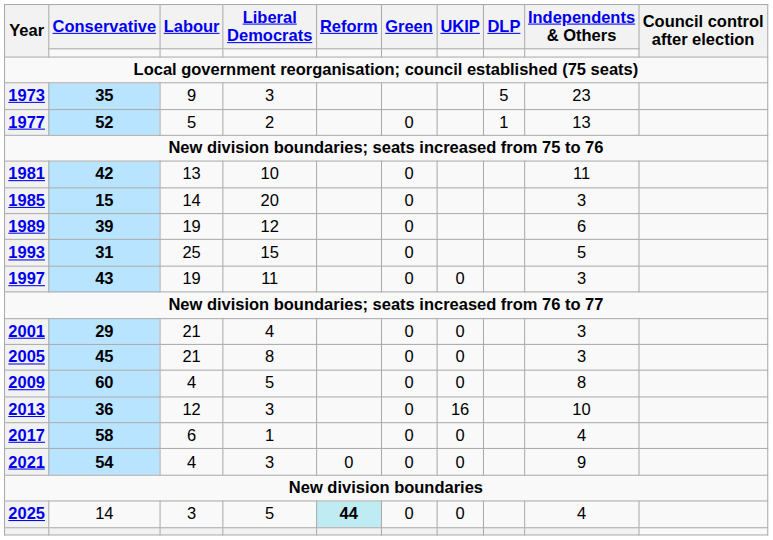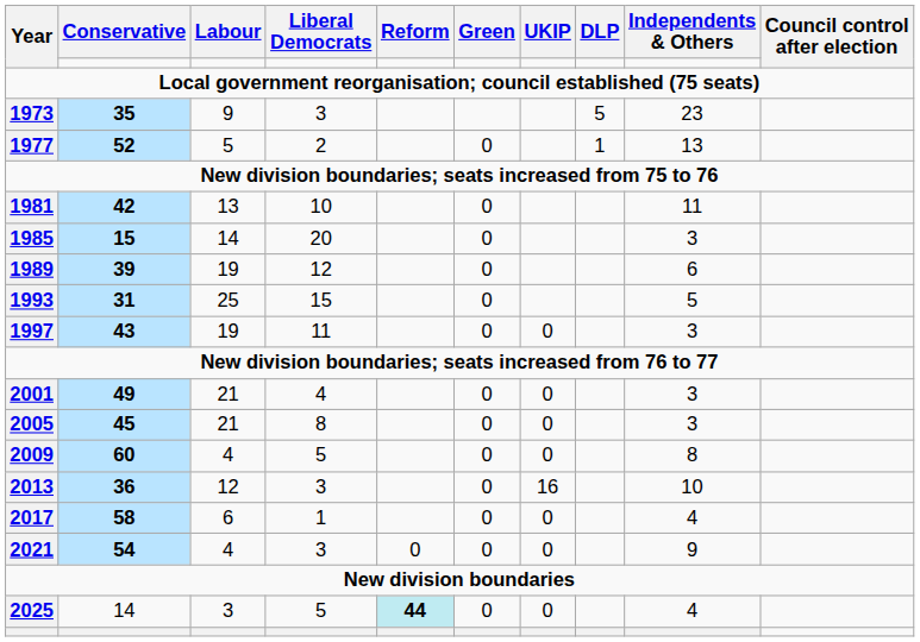 <table class="wikitable plainrowheaders" style="text-align:center">
 <tr>
 <th scope="col" rowspan="2">Year</th>
 <th scope="col"><a href='#'>Conservative</a></th>
 <th scope="col"><a href='#'>Labour</a></th>
 <th scope="col" style="width:1px"><a href='#'>Liberal Democrats</a></th>
 <th scope="col"><a href='#'>Reform</a></th>
 <th scope="col"><a href='#'>Green</a></th>
 <th scope="col"><a href='#'>UKIP</a></th>
 <th scope="col"><a href='#'>DLP</a></th>
 <th scope="col"><a href='#'>Independents</a><br>& Others</th>
 <th scope="col" rowspan="2" colspan="2">Council control<br>after election</th>
 </tr>
 <tr>
 <td style="background:"></td>
 <td style="background:"></td>
 <td style="background:"></td>
 <td style="background:"></td>
 <td style="background:"></td>
 <td style="background:"></td>
 <td style="background:"></td>
 <td style="background:"></td>
 </tr>
 <tr>
 <td colspan="11"><strong>Local government reorganisation; council established (75 seats)</strong></td>
 </tr>
 <tr>
 <th scope="row"><a href='#'>1973</a></th>
 <td style="background:#B9E4FF;"><strong>35</strong></td>
 <td>9</td>
 <td>3</td>
 <td></td>
 <td></td>
 <td></td>
 <td>5</td>
 <td>23</td>
 <td></td>
 </tr>
 <tr>
 <th scope="row"><a href='#'>1977</a></th>
 <td style="background:#B9E4FF;"><strong>52</strong></td>
 <td>5</td>
 <td>2</td>
 <td></td>
 <td>0</td>
 <td></td>
 <td>1</td>
 <td>13</td>
 <td></td>
 </tr>
 <tr>
 <td colspan="11"><strong>New division boundaries; seats increased from 75 to 76</strong></td>
 </tr>
 <tr>
 <th scope="row"><a href='#'>1981</a></th>
 <td style="background:#B9E4FF;"><strong>42</strong></td>
 <td>13</td>
 <td>10</td>
 <td></td>
 <td>0</td>
 <td></td>
 <td></td>
 <td>11</td>
 <td></td>
 </tr>
 <tr>
 <th scope="row"><a href='#'>1985</a></th>
 <td style="background:#B9E4FF;"><strong>15</strong></td>
 <td>14</td>
 <td>20</td>
 <td></td>
 <td>0</td>
 <td></td>
 <td></td>
 <td>3</td>
 <td></td>
 </tr>
 <tr>
 <th scope="row"><a href='#'>1989</a></th>
 <td style="background:#B9E4FF;"><strong>39</strong></td>
 <td>19</td>
 <td>12</td>
 <td></td>
 <td>0</td>
 <td></td>
 <td></td>
 <td>6</td>
 <td></td>
 </tr>
 <tr>
 <th scope="row"><a href='#'>1993</a></th>
 <td style="background:#B9E4FF;"><strong>31</strong></td>
 <td>25</td>
 <td>15</td>
 <td></td>
 <td>0</td>
 <td></td>
 <td></td>
 <td>5</td>
 <td></td>
 </tr>
 <tr>
 <th scope="row"><a href='#'>1997</a></th>
 <td style="background:#B9E4FF;"><strong>43</strong></td>
 <td>19</td>
 <td>11</td>
 <td></td>
 <td>0</td>
 <td>0</td>
 <td></td>
 <td>3</td>
 <td></td>
 </tr>
 <tr>
 <td colspan="11"><strong>New division boundaries; seats increased from 76 to 77</strong></td>
 </tr>
 <tr>
 <th scope="row"><a href='#'>2001</a></th>
-<td style="background:#B9E4FF;"><strong>29</strong></td>
+<td style="background:#B9E4FF;"><strong>49</strong></td>
 <td>21</td>
 <td>4</td>
 <td></td>
 <td>0</td>
 <td>0</td>
 <td></td>
 <td>3</td>
 <td></td>
 </tr>
 <tr>
 <th scope="row"><a href='#'>2005</a></th>
 <td style="background:#B9E4FF;"><strong>45</strong></td>
 <td>21</td>
 <td>8</td>
 <td></td>
 <td>0</td>
 <td>0</td>
 <td></td>
 <td>3</td>
 <td></td>
 </tr>
 <tr>
 <th scope="row"><a href='#'>2009</a></th>
 <td style="background:#B9E4FF;"><strong>60</strong></td>
 <td>4</td>
 <td>5</td>
 <td></td>
 <td>0</td>
 <td>0</td>
 <td></td>
 <td>8</td>
 <td></td>
 </tr>
 <tr>
 <th scope="row"><a href='#'>2013</a></th>
 <td style="background:#B9E4FF;"><strong>36</strong></td>
 <td>12</td>
 <td>3</td>
 <td></td>
 <td>0</td>
 <td>16</td>
 <td></td>
 <td>10</td>
 <td></td>
 </tr>
 <tr>
 <th scope="row"><a href='#'>2017</a></th>
 <td style="background:#B9E4FF;"><strong>58</strong></td>
 <td>6</td>
 <td>1</td>
 <td></td>
 <td>0</td>
 <td>0</td>
 <td></td>
 <td>4</td>
 <td></td>
 </tr>
 <tr>
 <th scope="row"><a href='#'>2021</a></th>
 <td style="background:#B9E4FF;"><strong>54</strong></td>
 <td>4</td>
 <td>3</td>
 <td>0</td>
 <td>0</td>
 <td>0</td>
 <td></td>
 <td>9</td>
 <td></td>
 </tr>
 <tr>
 <td colspan="11"><strong>New division boundaries</strong></td>
 </tr>
 <tr>
 <th scope="row"><a href='#'>2025</a></th>
 <td>14</td>
 <td>3</td>
 <td>5</td>
 <td style="background:#BFEBF2;"><strong>44</strong></td>
 <td>0</td>
 <td>0</td>
 <td></td>
 <td>4</td>
 <td></td>
 </tr>
 <tr>
 <th></th>
 <th style="background-color: "></th>
 <th style="background-color: "></th>
 <th style="background-color: "></th>
 <th style="background-color: "></th>
 <th style="background-color: "></th>
 <th style="background-color: "></th>
 <th style="background-color: "></th>
 <th style="background-color: "></th>
 </tr>
 </table>
